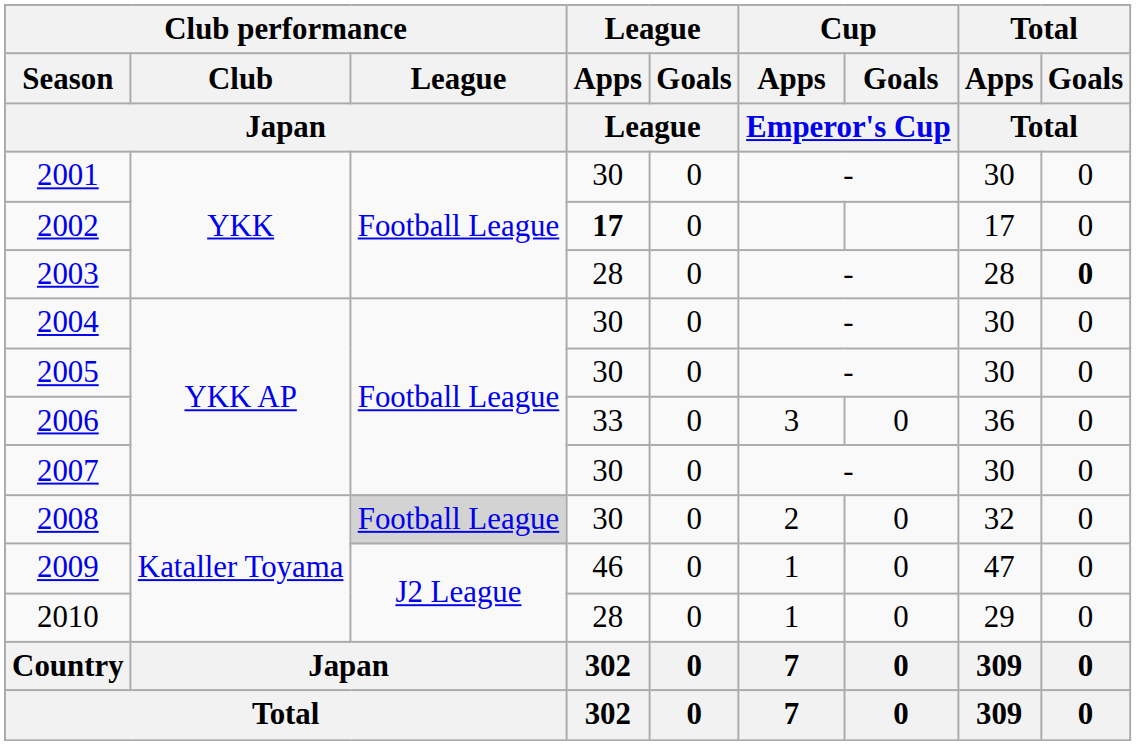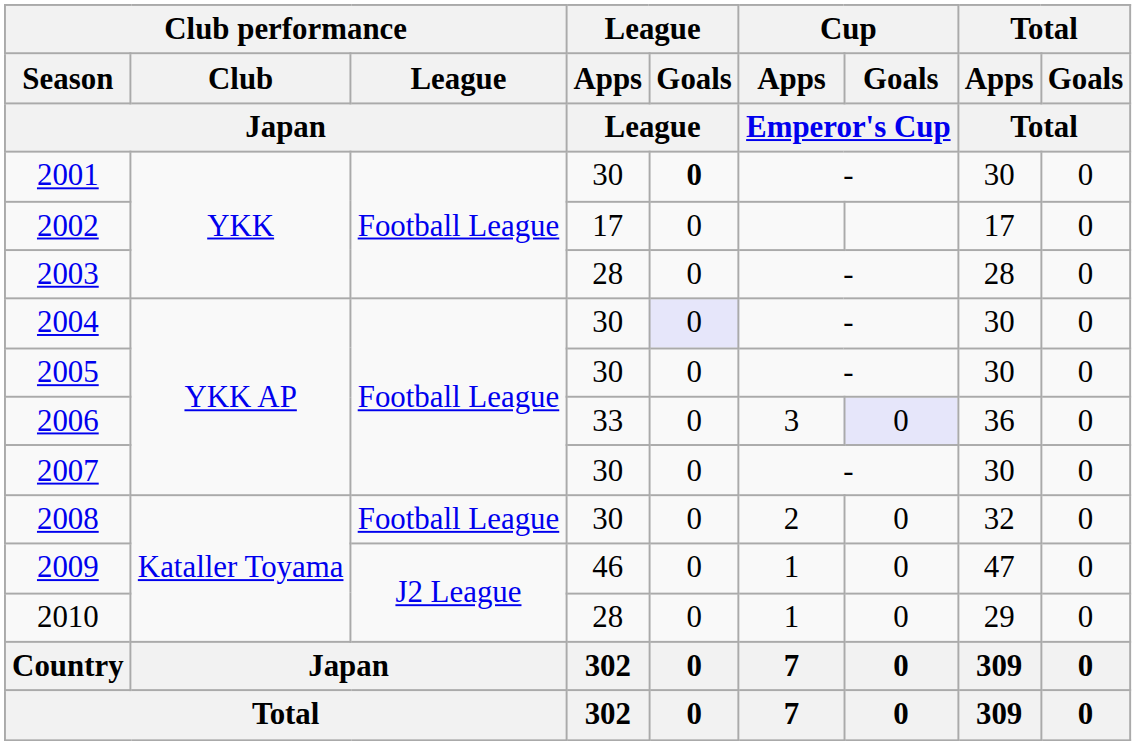 <table class="wikitable" style="text-align:center;">
 <tr>
 <th colspan=3>Club performance</th>
 <th colspan=2>League</th>
 <th colspan=2>Cup</th>
 <th colspan=2>Total</th>
 </tr>
 <tr>
 <th>Season</th>
 <th>Club</th>
 <th>League</th>
 <th>Apps</th>
 <th>Goals</th>
 <th>Apps</th>
 <th>Goals</th>
 <th>Apps</th>
 <th>Goals</th>
 </tr>
 <tr>
 <th colspan=3>Japan</th>
 <th colspan=2>League</th>
 <th colspan=2><a href='#'>Emperor's Cup</a></th>
 <th colspan=2>Total</th>
 </tr>
 <tr>
 <td><a href='#'>2001</a></td>
 <td rowspan="3"><a href='#'>YKK</a></td>
 <td rowspan="3"><a href='#'>Football League</a></td>
 <td>30</td>
-<td>0</td>
+<td><strong>0</strong></td>
 <td colspan="2">-</td>
 <td>30</td>
 <td>0</td>
 </tr>
 <tr>
 <td><a href='#'>2002</a></td>
-<td><strong>17</strong></td>
+<td>17</td>
 <td>0</td>
 <td></td>
 <td></td>
 <td>17</td>
 <td>0</td>
 </tr>
 <tr>
 <td><a href='#'>2003</a></td>
 <td>28</td>
 <td>0</td>
 <td colspan="2">-</td>
 <td>28</td>
-<td><strong>0</strong></td>
+<td>0</td>
 </tr>
 <tr>
 <td><a href='#'>2004</a></td>
 <td rowspan="4"><a href='#'>YKK AP</a></td>
 <td rowspan="4"><a href='#'>Football League</a></td>
 <td>30</td>
-<td>0</td>
+<td style="background: lavender;">0</td>
 <td colspan="2">-</td>
 <td>30</td>
 <td>0</td>
 </tr>
 <tr>
 <td><a href='#'>2005</a></td>
 <td>30</td>
 <td>0</td>
 <td colspan="2">-</td>
 <td>30</td>
 <td>0</td>
 </tr>
 <tr>
 <td><a href='#'>2006</a></td>
 <td>33</td>
 <td>0</td>
 <td>3</td>
-<td>0</td>
+<td style="background: lavender;">0</td>
 <td>36</td>
 <td>0</td>
 </tr>
 <tr>
 <td><a href='#'>2007</a></td>
 <td>30</td>
 <td>0</td>
 <td colspan="2">-</td>
 <td>30</td>
 <td>0</td>
 </tr>
 <tr>
 <td><a href='#'>2008</a></td>
 <td rowspan="3"><a href='#'>Kataller Toyama</a></td>
-<td style="background: lightgrey;"><a href='#'>Football League</a></td>
+<td><a href='#'>Football League</a></td>
 <td>30</td>
 <td>0</td>
 <td>2</td>
 <td>0</td>
 <td>32</td>
 <td>0</td>
 </tr>
 <tr>
 <td><a href='#'>2009</a></td>
 <td rowspan="2"><a href='#'>J2 League</a></td>
 <td>46</td>
 <td>0</td>
 <td>1</td>
 <td>0</td>
 <td>47</td>
 <td>0</td>
 </tr>
 <tr>
 <td>2010</td>
 <td>28</td>
 <td>0</td>
 <td>1</td>
 <td>0</td>
 <td>29</td>
 <td>0</td>
 </tr>
 <tr>
 <th rowspan=1>Country</th>
 <th colspan=2>Japan</th>
 <th>302</th>
 <th>0</th>
 <th>7</th>
 <th>0</th>
 <th>309</th>
 <th>0</th>
 </tr>
 <tr>
 <th colspan=3>Total</th>
 <th>302</th>
 <th>0</th>
 <th>7</th>
 <th>0</th>
 <th>309</th>
 <th>0</th>
 </tr>
 </table>
